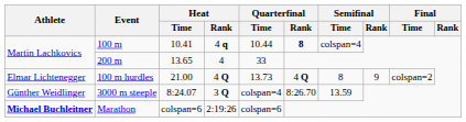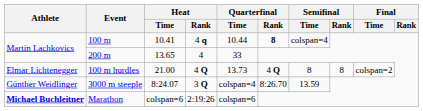 <table class=wikitable style=font-size:90%;text-align:center>
 <tr>
 <th rowspan=2>Athlete</th>
 <th rowspan=2>Event</th>
 <th colspan=2>Heat</th>
 <th colspan=2>Quarterfinal</th>
 <th colspan=2>Semifinal</th>
 <th colspan=2>Final</th>
 </tr>
 <tr style=font-size:95%>
 <th>Time</th>
 <th>Rank</th>
 <th>Time</th>
 <th>Rank</th>
 <th>Time</th>
 <th>Rank</th>
 <th>Time</th>
 <th>Rank</th>
 </tr>
 <tr>
 <td align=left rowspan=2><a href='#'>Martin Lachkovics</a></td>
 <td align=left><a href='#'>100 m</a></td>
 <td>10.41</td>
 <td>4 <strong>q</strong></td>
 <td>10.44</td>
 <td><strong>8</strong></td>
 <td>colspan=4 </td>
 </tr>
 <tr>
 <td align=left><a href='#'>200 m</a></td>
 <td>13.65</td>
 <td>4</td>
 <td>33</td>
 </tr>
 <tr>
 <td align=left><a href='#'>Elmar Lichtenegger</a></td>
 <td align=left><a href='#'>100 m hurdles</a></td>
 <td>21.00</td>
 <td>4 <strong>Q</strong></td>
 <td>13.73</td>
 <td>4 <strong>Q</strong></td>
 <td>8</td>
-<td>9</td>
+<td>8</td>
 <td>colspan=2 </td>
 </tr>
 <tr>
 <td align=left><a href='#'>Günther Weidlinger</a></td>
 <td align=left><a href='#'>3000 m steeple</a></td>
 <td>8:24.07</td>
 <td>3 <strong>Q</strong></td>
 <td>colspan=4 </td>
 <td>8:26.70</td>
 <td>13.59</td>
 </tr>
 <tr>
 <td align=left><strong><a href='#'>Michael Buchleitner</a></strong></td>
 <td align=left><a href='#'>Marathon</a></td>
 <td>colspan=6 </td>
 <td>2:19:26</td>
 <td>colspan=6 </td>
 </tr>
 </table>
